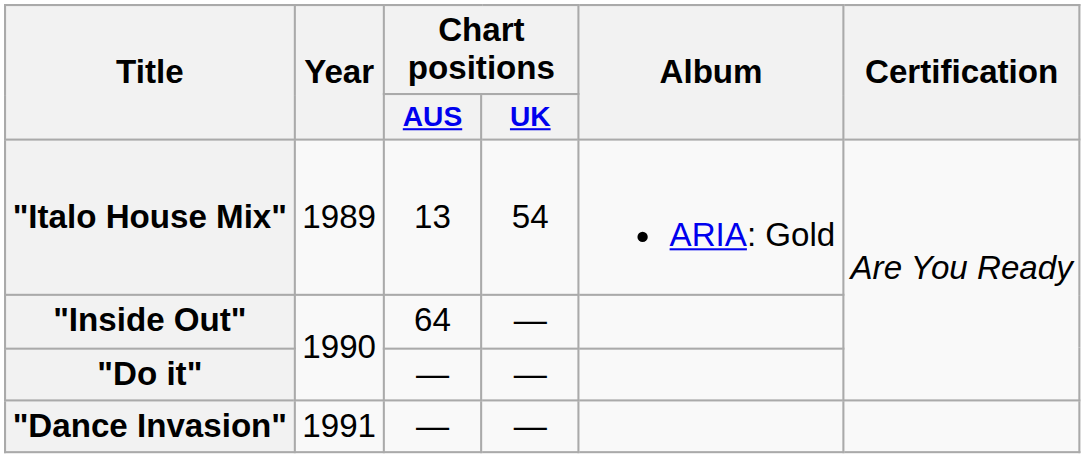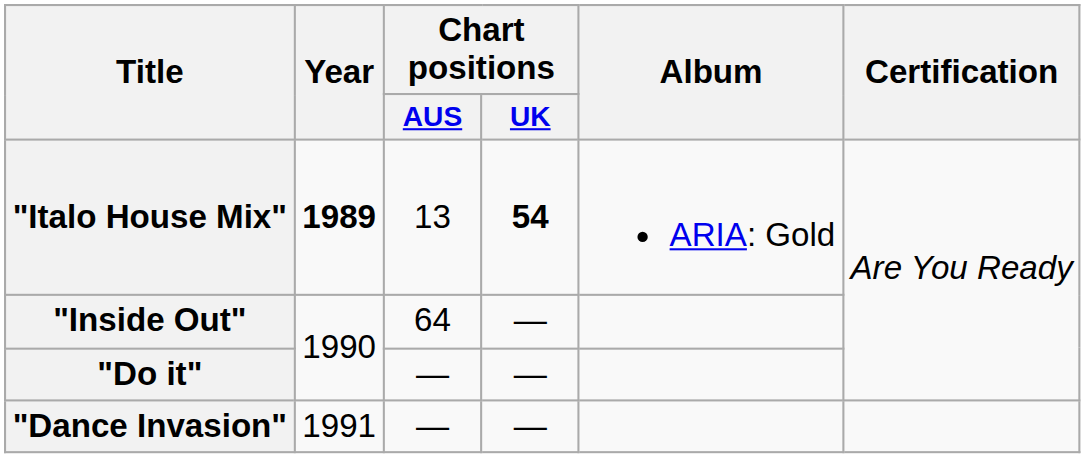 <table class="wikitable plainrowheaders" style="text-align:center;">
 <tr>
 <th rowspan="2">Title</th>
 <th rowspan="2">Year</th>
 <th colspan="2">Chart positions</th>
 <th rowspan="2">Album</th>
 <th rowspan="2">Certification</th>
 </tr>
 <tr>
 <th scope="col" style="width:3em;font-size:85%;"><a href='#'>AUS</a><br></th>
 <th scope="col" style="width:3em;font-size:85%;"><a href='#'>UK</a><br></th>
 </tr>
 <tr>
 <th scope="row">"Italo House Mix"</th>
-<td>1989</td>
+<td><strong>1989</strong></td>
 <td>13</td>
-<td>54</td>
+<td><strong>54</strong></td>
 <td><br><ul><li><a href='#'>ARIA</a>: Gold</li></ul></td>
 <td rowspan="3"><em>Are You Ready</em></td>
 </tr>
 <tr>
 <th scope="row">"Inside Out"</th>
 <td rowspan="2">1990</td>
 <td>64</td>
 <td>—</td>
 <td></td>
 </tr>
 <tr>
 <th scope="row">"Do it"</th>
 <td>—</td>
 <td>—</td>
 <td></td>
 </tr>
 <tr>
 <th scope="row">"Dance Invasion"</th>
 <td>1991</td>
 <td>—</td>
 <td>—</td>
 <td></td>
 <td></td>
 </tr>
 </table>
